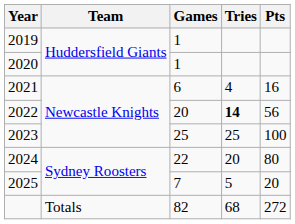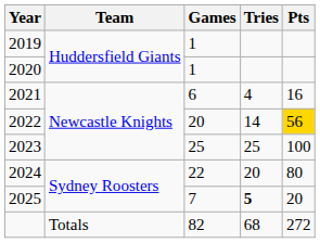 <table class="wikitable">
 <tr>
 <th>Year</th>
 <th>Team</th>
 <th>Games</th>
 <th>Tries</th>
 <th>Pts</th>
 </tr>
 <tr>
 <td>2019</td>
 <td rowspan="2"> <a href='#'>Huddersfield Giants</a></td>
 <td>1</td>
 <td></td>
 <td></td>
 </tr>
 <tr>
 <td>2020</td>
 <td>1</td>
 <td></td>
 <td></td>
 </tr>
 <tr>
 <td>2021</td>
 <td rowspan="3"> <a href='#'>Newcastle Knights</a></td>
 <td>6</td>
 <td>4</td>
 <td>16</td>
 </tr>
 <tr>
 <td>2022</td>
 <td>20</td>
-<td><strong>14</strong></td>
-<td>56</td>
+<td>14</td>
+<td style="background: gold;">56</td>
 </tr>
 <tr>
 <td>2023</td>
 <td>25</td>
 <td>25</td>
 <td>100</td>
 </tr>
 <tr>
 <td>2024</td>
 <td rowspan="2"> <a href='#'>Sydney Roosters</a></td>
 <td>22</td>
 <td>20</td>
 <td>80</td>
 </tr>
 <tr>
 <td>2025</td>
 <td>7</td>
-<td>5</td>
+<td><strong>5</strong></td>
 <td>20</td>
 </tr>
 <tr>
 <td></td>
 <td>Totals</td>
 <td>82</td>
 <td>68</td>
 <td>272</td>
 </tr>
 </table>
